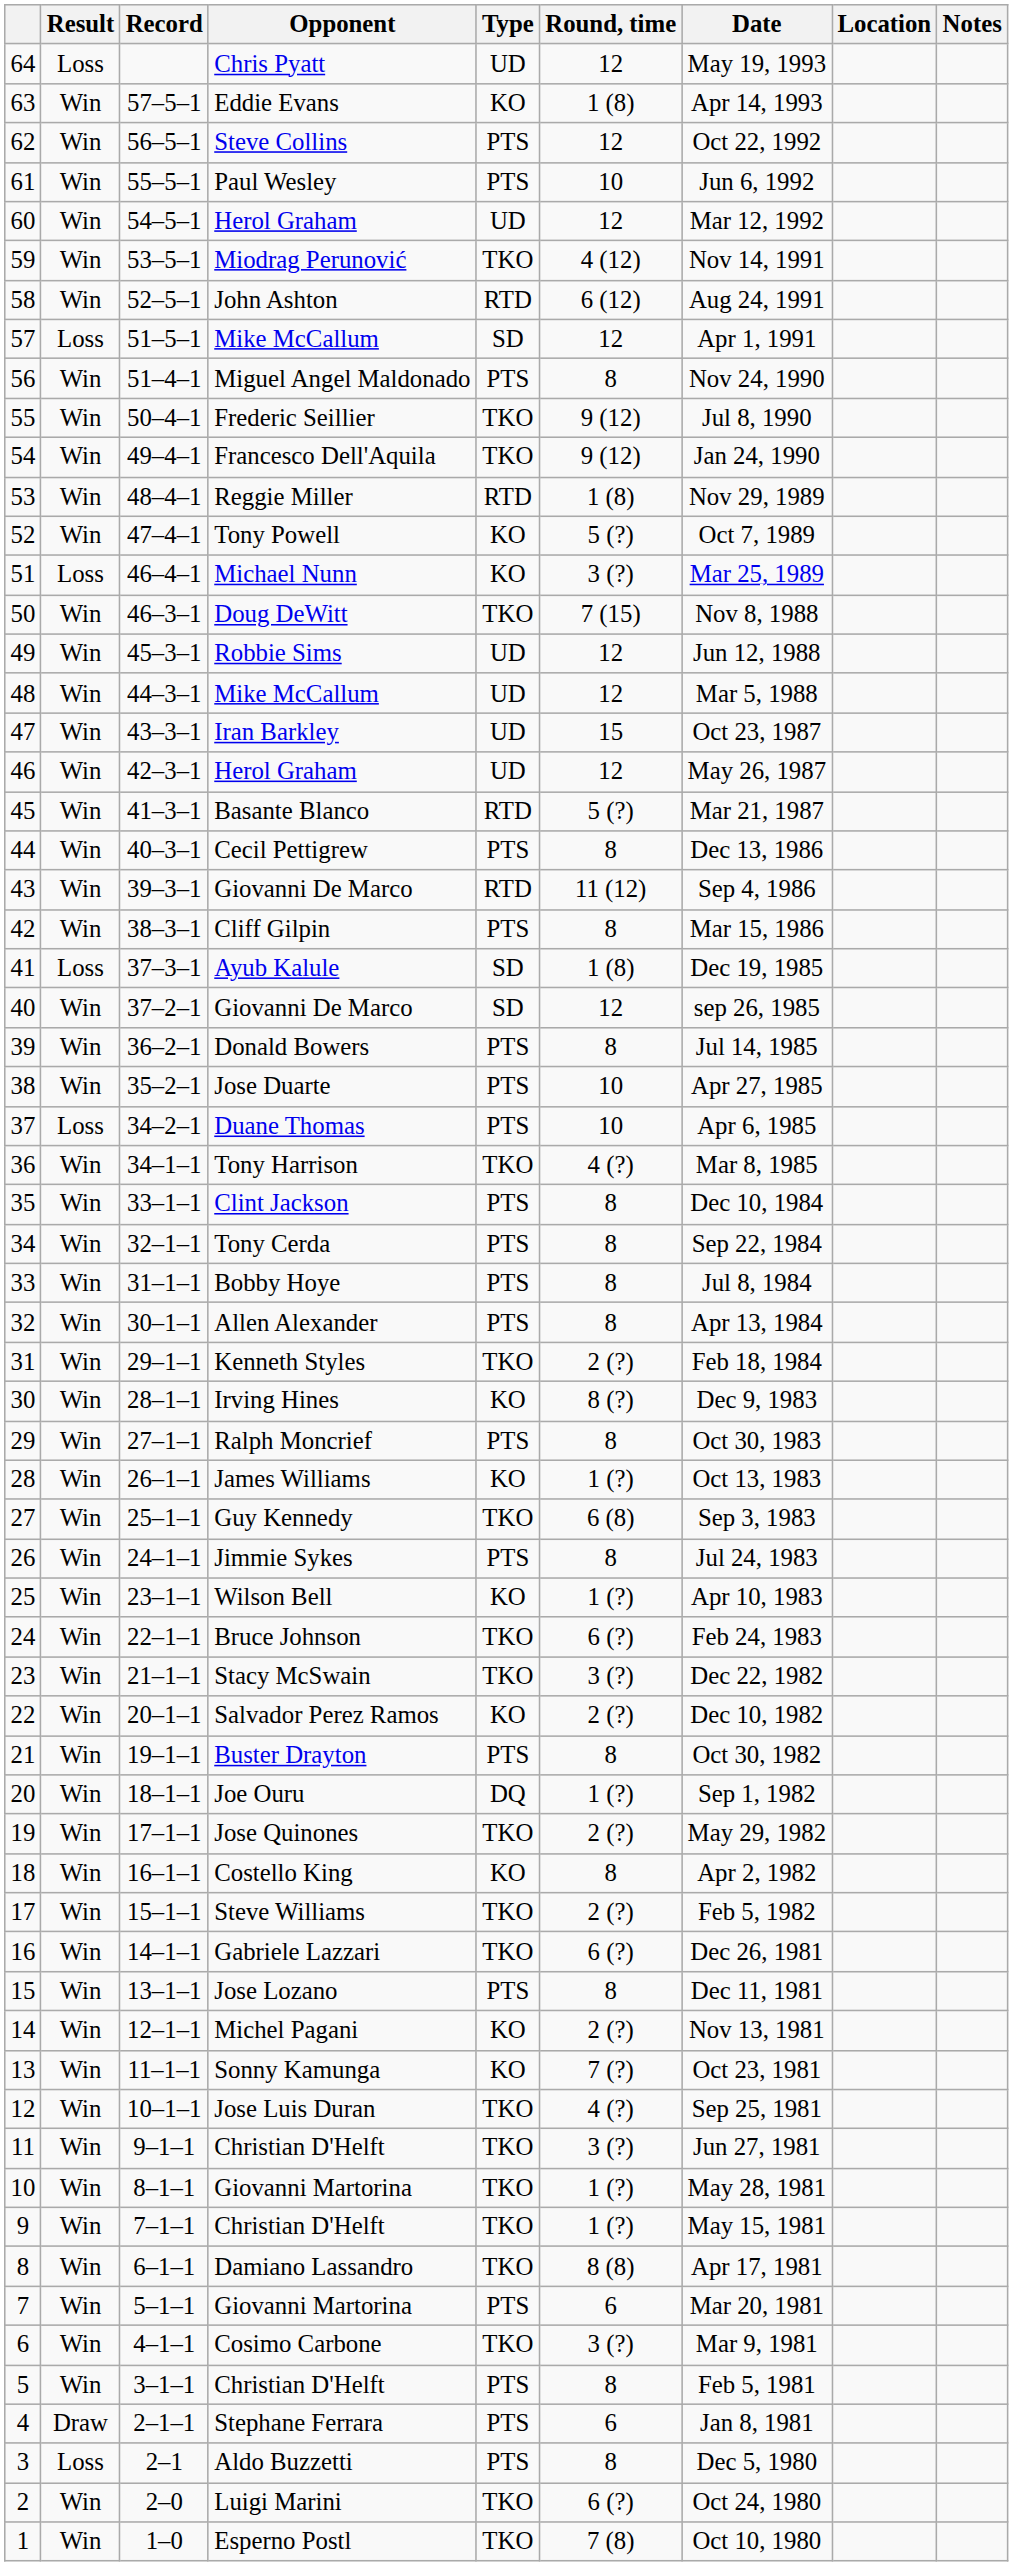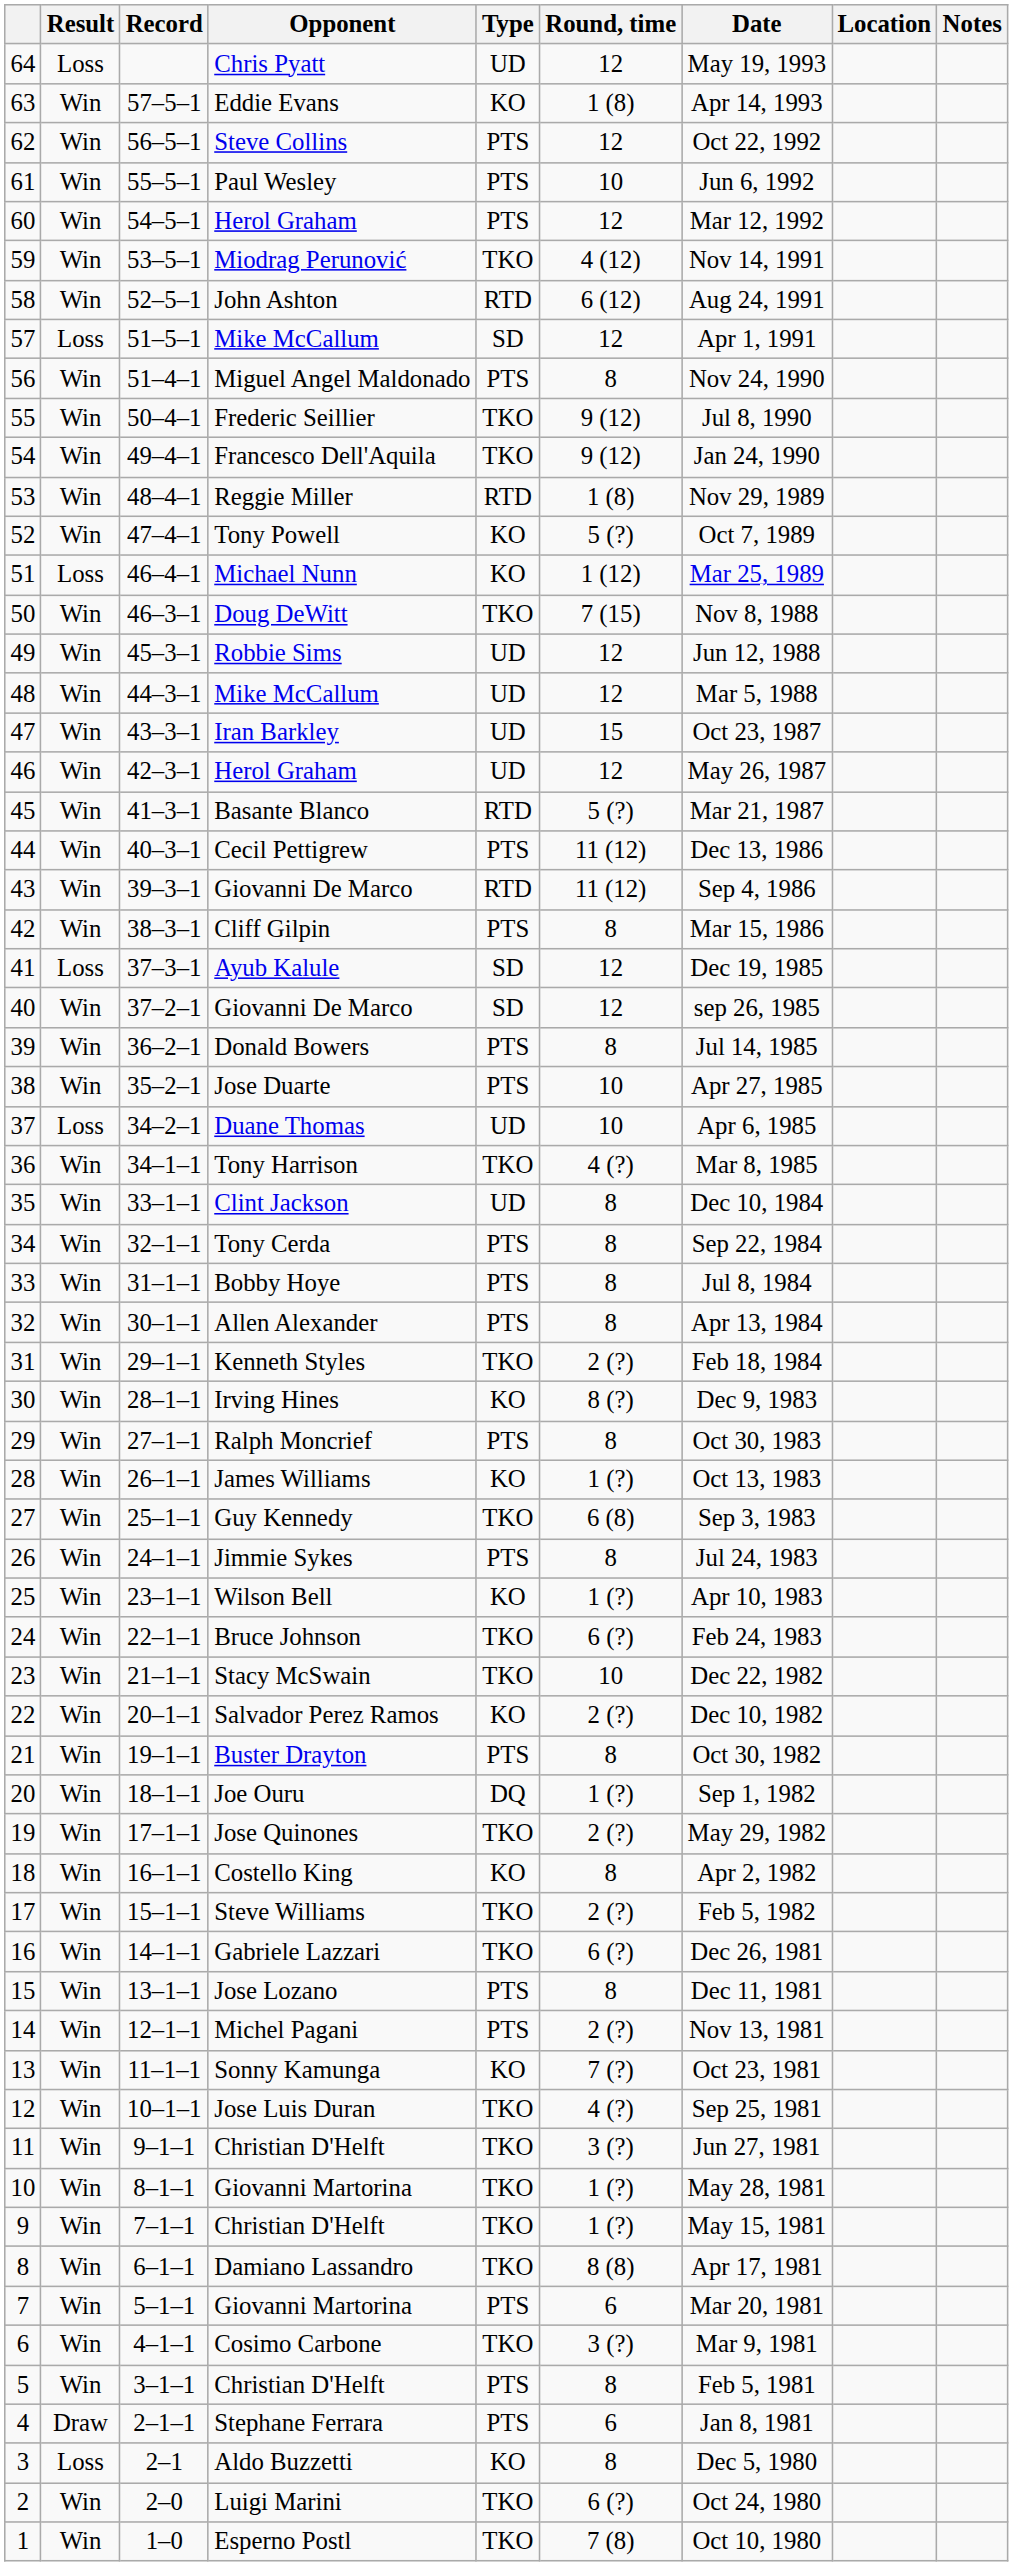 <table class="wikitable" style="text-align:center">
 <tr>
 <th></th>
 <th>Result</th>
 <th>Record</th>
 <th>Opponent</th>
 <th>Type</th>
 <th>Round, time</th>
 <th>Date</th>
 <th>Location</th>
 <th>Notes</th>
 </tr>
 <tr>
 <td>64</td>
 <td>Loss</td>
 <td></td>
 <td align=left><a href='#'>Chris Pyatt</a></td>
 <td>UD</td>
 <td>12</td>
 <td>May 19, 1993</td>
 <td align=left></td>
 <td align=left></td>
 </tr>
 <tr>
 <td>63</td>
 <td>Win</td>
 <td>57–5–1</td>
 <td align=left>Eddie Evans</td>
 <td>KO</td>
 <td>1 (8)</td>
 <td>Apr 14, 1993</td>
 <td align=left></td>
 <td align=left></td>
 </tr>
 <tr>
 <td>62</td>
 <td>Win</td>
 <td>56–5–1</td>
 <td align=left><a href='#'>Steve Collins</a></td>
 <td>PTS</td>
 <td>12</td>
 <td>Oct 22, 1992</td>
 <td align=left></td>
 <td align=left></td>
 </tr>
 <tr>
 <td>61</td>
 <td>Win</td>
 <td>55–5–1</td>
 <td align=left>Paul Wesley</td>
 <td>PTS</td>
 <td>10</td>
 <td>Jun 6, 1992</td>
 <td align=left></td>
 <td align=left></td>
 </tr>
 <tr>
 <td>60</td>
 <td>Win</td>
 <td>54–5–1</td>
 <td align=left><a href='#'>Herol Graham</a></td>
-<td>UD</td>
+<td>PTS</td>
 <td>12</td>
 <td>Mar 12, 1992</td>
 <td align=left></td>
 <td align=left></td>
 </tr>
 <tr>
 <td>59</td>
 <td>Win</td>
 <td>53–5–1</td>
 <td align=left><a href='#'>Miodrag Perunović</a></td>
 <td>TKO</td>
 <td>4 (12)</td>
 <td>Nov 14, 1991</td>
 <td align=left></td>
 <td align=left></td>
 </tr>
 <tr>
 <td>58</td>
 <td>Win</td>
 <td>52–5–1</td>
 <td align=left>John Ashton</td>
 <td>RTD</td>
 <td>6 (12)</td>
 <td>Aug 24, 1991</td>
 <td align=left></td>
 <td align=left></td>
 </tr>
 <tr>
 <td>57</td>
 <td>Loss</td>
 <td>51–5–1</td>
 <td align=left><a href='#'>Mike McCallum</a></td>
 <td>SD</td>
 <td>12</td>
 <td>Apr 1, 1991</td>
 <td align=left></td>
 <td align=left></td>
 </tr>
 <tr>
 <td>56</td>
 <td>Win</td>
 <td>51–4–1</td>
 <td align=left>Miguel Angel Maldonado</td>
 <td>PTS</td>
 <td>8</td>
 <td>Nov 24, 1990</td>
 <td align=left></td>
 <td align=left></td>
 </tr>
 <tr>
 <td>55</td>
 <td>Win</td>
 <td>50–4–1</td>
 <td align=left>Frederic Seillier</td>
 <td>TKO</td>
 <td>9 (12)</td>
 <td>Jul 8, 1990</td>
 <td align=left></td>
 <td align=left></td>
 </tr>
 <tr>
 <td>54</td>
 <td>Win</td>
 <td>49–4–1</td>
 <td align=left>Francesco Dell'Aquila</td>
 <td>TKO</td>
 <td>9 (12)</td>
 <td>Jan 24, 1990</td>
 <td align=left></td>
 <td align=left></td>
 </tr>
 <tr>
 <td>53</td>
 <td>Win</td>
 <td>48–4–1</td>
 <td align=left>Reggie Miller</td>
 <td>RTD</td>
 <td>1 (8)</td>
 <td>Nov 29, 1989</td>
 <td align=left></td>
 <td align=left></td>
 </tr>
 <tr>
 <td>52</td>
 <td>Win</td>
 <td>47–4–1</td>
 <td align=left>Tony Powell</td>
 <td>KO</td>
 <td>5 (?)</td>
 <td>Oct 7, 1989</td>
 <td align=left></td>
 <td align=left></td>
 </tr>
 <tr>
 <td>51</td>
 <td>Loss</td>
 <td>46–4–1</td>
 <td align=left><a href='#'>Michael Nunn</a></td>
 <td>KO</td>
-<td>3 (?)</td>
+<td>1 (12)</td>
 <td><a href='#'>Mar 25, 1989</a></td>
 <td align=left></td>
 <td align=left></td>
 </tr>
 <tr>
 <td>50</td>
 <td>Win</td>
 <td>46–3–1</td>
 <td align=left><a href='#'>Doug DeWitt</a></td>
 <td>TKO</td>
 <td>7 (15)</td>
 <td>Nov 8, 1988</td>
 <td align=left></td>
 <td align=left></td>
 </tr>
 <tr>
 <td>49</td>
 <td>Win</td>
 <td>45–3–1</td>
 <td align=left><a href='#'>Robbie Sims</a></td>
 <td>UD</td>
 <td>12</td>
 <td>Jun 12, 1988</td>
 <td align=left></td>
 <td align=left></td>
 </tr>
 <tr>
 <td>48</td>
 <td>Win</td>
 <td>44–3–1</td>
 <td align=left><a href='#'>Mike McCallum</a></td>
 <td>UD</td>
 <td>12</td>
 <td>Mar 5, 1988</td>
 <td align=left></td>
 <td align=left></td>
 </tr>
 <tr>
 <td>47</td>
 <td>Win</td>
 <td>43–3–1</td>
 <td align=left><a href='#'>Iran Barkley</a></td>
 <td>UD</td>
 <td>15</td>
 <td>Oct 23, 1987</td>
 <td align=left></td>
 <td align=left></td>
 </tr>
 <tr>
 <td>46</td>
 <td>Win</td>
 <td>42–3–1</td>
 <td align=left><a href='#'>Herol Graham</a></td>
 <td>UD</td>
 <td>12</td>
 <td>May 26, 1987</td>
 <td align=left></td>
 <td align=left></td>
 </tr>
 <tr>
 <td>45</td>
 <td>Win</td>
 <td>41–3–1</td>
 <td align=left>Basante Blanco</td>
 <td>RTD</td>
 <td>5 (?)</td>
 <td>Mar 21, 1987</td>
 <td align=left></td>
 <td align=left></td>
 </tr>
 <tr>
 <td>44</td>
 <td>Win</td>
 <td>40–3–1</td>
 <td align=left>Cecil Pettigrew</td>
 <td>PTS</td>
-<td>8</td>
+<td>11 (12)</td>
 <td>Dec 13, 1986</td>
 <td align=left></td>
 <td align=left></td>
 </tr>
 <tr>
 <td>43</td>
 <td>Win</td>
 <td>39–3–1</td>
 <td align=left>Giovanni De Marco</td>
 <td>RTD</td>
 <td>11 (12)</td>
 <td>Sep 4, 1986</td>
 <td align=left></td>
 <td align=left></td>
 </tr>
 <tr>
 <td>42</td>
 <td>Win</td>
 <td>38–3–1</td>
 <td align=left>Cliff Gilpin</td>
 <td>PTS</td>
 <td>8</td>
 <td>Mar 15, 1986</td>
 <td align=left></td>
 <td align=left></td>
 </tr>
 <tr>
 <td>41</td>
 <td>Loss</td>
 <td>37–3–1</td>
 <td align=left><a href='#'>Ayub Kalule</a></td>
 <td>SD</td>
-<td>1 (8)</td>
+<td>12</td>
 <td>Dec 19, 1985</td>
 <td align=left></td>
 <td align=left></td>
 </tr>
 <tr>
 <td>40</td>
 <td>Win</td>
 <td>37–2–1</td>
 <td align=left>Giovanni De Marco</td>
 <td>SD</td>
 <td>12</td>
 <td>sep 26, 1985</td>
 <td align=left></td>
 <td align=left></td>
 </tr>
 <tr>
 <td>39</td>
 <td>Win</td>
 <td>36–2–1</td>
 <td align=left>Donald Bowers</td>
 <td>PTS</td>
 <td>8</td>
 <td>Jul 14, 1985</td>
 <td align=left></td>
 <td align=left></td>
 </tr>
 <tr>
 <td>38</td>
 <td>Win</td>
 <td>35–2–1</td>
 <td align=left>Jose Duarte</td>
 <td>PTS</td>
 <td>10</td>
 <td>Apr 27, 1985</td>
 <td align=left></td>
 <td align=left></td>
 </tr>
 <tr>
 <td>37</td>
 <td>Loss</td>
 <td>34–2–1</td>
 <td align=left><a href='#'>Duane Thomas</a></td>
-<td>PTS</td>
+<td>UD</td>
 <td>10</td>
 <td>Apr 6, 1985</td>
 <td align=left></td>
 <td align=left></td>
 </tr>
 <tr>
 <td>36</td>
 <td>Win</td>
 <td>34–1–1</td>
 <td align=left>Tony Harrison</td>
 <td>TKO</td>
 <td>4 (?)</td>
 <td>Mar 8, 1985</td>
 <td align=left></td>
 <td align=left></td>
 </tr>
 <tr>
 <td>35</td>
 <td>Win</td>
 <td>33–1–1</td>
 <td align=left><a href='#'>Clint Jackson</a></td>
-<td>PTS</td>
+<td>UD</td>
 <td>8</td>
 <td>Dec 10, 1984</td>
 <td align=left></td>
 <td align=left></td>
 </tr>
 <tr>
 <td>34</td>
 <td>Win</td>
 <td>32–1–1</td>
 <td align=left>Tony Cerda</td>
 <td>PTS</td>
 <td>8</td>
 <td>Sep 22, 1984</td>
 <td align=left></td>
 <td align=left></td>
 </tr>
 <tr>
 <td>33</td>
 <td>Win</td>
 <td>31–1–1</td>
 <td align=left>Bobby Hoye</td>
 <td>PTS</td>
 <td>8</td>
 <td>Jul 8, 1984</td>
 <td align=left></td>
 <td align=left></td>
 </tr>
 <tr>
 <td>32</td>
 <td>Win</td>
 <td>30–1–1</td>
 <td align=left>Allen Alexander</td>
 <td>PTS</td>
 <td>8</td>
 <td>Apr 13, 1984</td>
 <td align=left></td>
 <td align=left></td>
 </tr>
 <tr>
 <td>31</td>
 <td>Win</td>
 <td>29–1–1</td>
 <td align=left>Kenneth Styles</td>
 <td>TKO</td>
 <td>2 (?)</td>
 <td>Feb 18, 1984</td>
 <td align=left></td>
 <td align=left></td>
 </tr>
 <tr>
 <td>30</td>
 <td>Win</td>
 <td>28–1–1</td>
 <td align=left>Irving Hines</td>
 <td>KO</td>
 <td>8 (?)</td>
 <td>Dec 9, 1983</td>
 <td align=left></td>
 <td align=left></td>
 </tr>
 <tr>
 <td>29</td>
 <td>Win</td>
 <td>27–1–1</td>
 <td align=left>Ralph Moncrief</td>
 <td>PTS</td>
 <td>8</td>
 <td>Oct 30, 1983</td>
 <td align=left></td>
 <td align=left></td>
 </tr>
 <tr>
 <td>28</td>
 <td>Win</td>
 <td>26–1–1</td>
 <td align=left>James Williams</td>
 <td>KO</td>
 <td>1 (?)</td>
 <td>Oct 13, 1983</td>
 <td align=left></td>
 <td align=left></td>
 </tr>
 <tr>
 <td>27</td>
 <td>Win</td>
 <td>25–1–1</td>
 <td align=left>Guy Kennedy</td>
 <td>TKO</td>
 <td>6 (8)</td>
 <td>Sep 3, 1983</td>
 <td align=left></td>
 <td align=left></td>
 </tr>
 <tr>
 <td>26</td>
 <td>Win</td>
 <td>24–1–1</td>
 <td align=left>Jimmie Sykes</td>
 <td>PTS</td>
 <td>8</td>
 <td>Jul 24, 1983</td>
 <td align=left></td>
 <td align=left></td>
 </tr>
 <tr>
 <td>25</td>
 <td>Win</td>
 <td>23–1–1</td>
 <td align=left>Wilson Bell</td>
 <td>KO</td>
 <td>1 (?)</td>
 <td>Apr 10, 1983</td>
 <td align=left></td>
 <td align=left></td>
 </tr>
 <tr>
 <td>24</td>
 <td>Win</td>
 <td>22–1–1</td>
 <td align=left>Bruce Johnson</td>
 <td>TKO</td>
 <td>6 (?)</td>
 <td>Feb 24, 1983</td>
 <td align=left></td>
 <td align=left></td>
 </tr>
 <tr>
 <td>23</td>
 <td>Win</td>
 <td>21–1–1</td>
 <td align=left>Stacy McSwain</td>
 <td>TKO</td>
-<td>3 (?)</td>
+<td>10</td>
 <td>Dec 22, 1982</td>
 <td align=left></td>
 <td align=left></td>
 </tr>
 <tr>
 <td>22</td>
 <td>Win</td>
 <td>20–1–1</td>
 <td align=left>Salvador Perez Ramos</td>
 <td>KO</td>
 <td>2 (?)</td>
 <td>Dec 10, 1982</td>
 <td align=left></td>
 <td align=left></td>
 </tr>
 <tr>
 <td>21</td>
 <td>Win</td>
 <td>19–1–1</td>
 <td align=left><a href='#'>Buster Drayton</a></td>
 <td>PTS</td>
 <td>8</td>
 <td>Oct 30, 1982</td>
 <td align=left></td>
 <td align=left></td>
 </tr>
 <tr>
 <td>20</td>
 <td>Win</td>
 <td>18–1–1</td>
 <td align=left>Joe Ouru</td>
 <td>DQ</td>
 <td>1 (?)</td>
 <td>Sep 1, 1982</td>
 <td align=left></td>
 <td align=left></td>
 </tr>
 <tr>
 <td>19</td>
 <td>Win</td>
 <td>17–1–1</td>
 <td align=left>Jose Quinones</td>
 <td>TKO</td>
 <td>2 (?)</td>
 <td>May 29, 1982</td>
 <td align=left></td>
 <td align=left></td>
 </tr>
 <tr>
 <td>18</td>
 <td>Win</td>
 <td>16–1–1</td>
 <td align=left>Costello King</td>
 <td>KO</td>
 <td>8</td>
 <td>Apr 2, 1982</td>
 <td align=left></td>
 <td align=left></td>
 </tr>
 <tr>
 <td>17</td>
 <td>Win</td>
 <td>15–1–1</td>
 <td align=left>Steve Williams</td>
 <td>TKO</td>
 <td>2 (?)</td>
 <td>Feb 5, 1982</td>
 <td align=left></td>
 <td align=left></td>
 </tr>
 <tr>
 <td>16</td>
 <td>Win</td>
 <td>14–1–1</td>
 <td align=left>Gabriele Lazzari</td>
 <td>TKO</td>
 <td>6 (?)</td>
 <td>Dec 26, 1981</td>
 <td align=left></td>
 <td align=left></td>
 </tr>
 <tr>
 <td>15</td>
 <td>Win</td>
 <td>13–1–1</td>
 <td align=left>Jose Lozano</td>
 <td>PTS</td>
 <td>8</td>
 <td>Dec 11, 1981</td>
 <td align=left></td>
 <td align=left></td>
 </tr>
 <tr>
 <td>14</td>
 <td>Win</td>
 <td>12–1–1</td>
 <td align=left>Michel Pagani</td>
-<td>KO</td>
+<td>PTS</td>
 <td>2 (?)</td>
 <td>Nov 13, 1981</td>
 <td align=left></td>
 <td align=left></td>
 </tr>
 <tr>
 <td>13</td>
 <td>Win</td>
 <td>11–1–1</td>
 <td align=left>Sonny Kamunga</td>
 <td>KO</td>
 <td>7 (?)</td>
 <td>Oct 23, 1981</td>
 <td align=left></td>
 <td align=left></td>
 </tr>
 <tr>
 <td>12</td>
 <td>Win</td>
 <td>10–1–1</td>
 <td align=left>Jose Luis Duran</td>
 <td>TKO</td>
 <td>4 (?)</td>
 <td>Sep 25, 1981</td>
 <td align=left></td>
 <td align=left></td>
 </tr>
 <tr>
 <td>11</td>
 <td>Win</td>
 <td>9–1–1</td>
 <td align=left>Christian D'Helft</td>
 <td>TKO</td>
 <td>3 (?)</td>
 <td>Jun 27, 1981</td>
 <td align=left></td>
 <td align=left></td>
 </tr>
 <tr>
 <td>10</td>
 <td>Win</td>
 <td>8–1–1</td>
 <td align=left>Giovanni Martorina</td>
 <td>TKO</td>
 <td>1 (?)</td>
 <td>May 28, 1981</td>
 <td align=left></td>
 <td align=left></td>
 </tr>
 <tr>
 <td>9</td>
 <td>Win</td>
 <td>7–1–1</td>
 <td align=left>Christian D'Helft</td>
 <td>TKO</td>
 <td>1 (?)</td>
 <td>May 15, 1981</td>
 <td align=left></td>
 <td align=left></td>
 </tr>
 <tr>
 <td>8</td>
 <td>Win</td>
 <td>6–1–1</td>
 <td align=left>Damiano Lassandro</td>
 <td>TKO</td>
 <td>8 (8)</td>
 <td>Apr 17, 1981</td>
 <td align=left></td>
 <td align=left></td>
 </tr>
 <tr>
 <td>7</td>
 <td>Win</td>
 <td>5–1–1</td>
 <td align=left>Giovanni Martorina</td>
 <td>PTS</td>
 <td>6</td>
 <td>Mar 20, 1981</td>
 <td align=left></td>
 <td align=left></td>
 </tr>
 <tr>
 <td>6</td>
 <td>Win</td>
 <td>4–1–1</td>
 <td align=left>Cosimo Carbone</td>
 <td>TKO</td>
 <td>3 (?)</td>
 <td>Mar 9, 1981</td>
 <td align=left></td>
 <td align=left></td>
 </tr>
 <tr>
 <td>5</td>
 <td>Win</td>
 <td>3–1–1</td>
 <td align=left>Christian D'Helft</td>
 <td>PTS</td>
 <td>8</td>
 <td>Feb 5, 1981</td>
 <td align=left></td>
 <td align=left></td>
 </tr>
 <tr>
 <td>4</td>
 <td>Draw</td>
 <td>2–1–1</td>
 <td align=left>Stephane Ferrara</td>
 <td>PTS</td>
 <td>6</td>
 <td>Jan 8, 1981</td>
 <td align=left></td>
 <td align=left></td>
 </tr>
 <tr>
 <td>3</td>
 <td>Loss</td>
 <td>2–1</td>
 <td align=left>Aldo Buzzetti</td>
-<td>PTS</td>
+<td>KO</td>
 <td>8</td>
 <td>Dec 5, 1980</td>
 <td align=left></td>
 <td align=left></td>
 </tr>
 <tr>
 <td>2</td>
 <td>Win</td>
 <td>2–0</td>
 <td align=left>Luigi Marini</td>
 <td>TKO</td>
 <td>6 (?)</td>
 <td>Oct 24, 1980</td>
 <td align=left></td>
 <td align=left></td>
 </tr>
 <tr>
 <td>1</td>
 <td>Win</td>
 <td>1–0</td>
 <td align=left>Esperno Postl</td>
 <td>TKO</td>
 <td>7 (8)</td>
 <td>Oct 10, 1980</td>
 <td align=left></td>
 <td align=left></td>
 </tr>
 </table>
